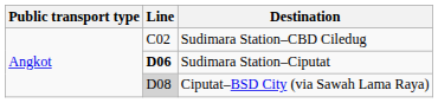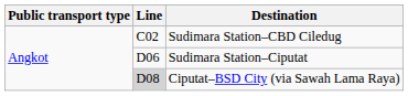 <table class="wikitable sortable">
 <tr>
 <th>Public transport type</th>
 <th>Line</th>
 <th>Destination</th>
 </tr>
 <tr>
 <td rowspan="3"><a href='#'>Angkot</a></td>
 <td>C02</td>
 <td>Sudimara Station–CBD Ciledug</td>
 </tr>
 <tr>
-<td><strong>D06</strong></td>
+<td>D06</td>
 <td>Sudimara Station–Ciputat</td>
 </tr>
 <tr>
 <td style="background: lightgrey;">D08</td>
 <td>Ciputat–<a href='#'>BSD City</a> (via Sawah Lama Raya)</td>
 </tr>
 </table>
